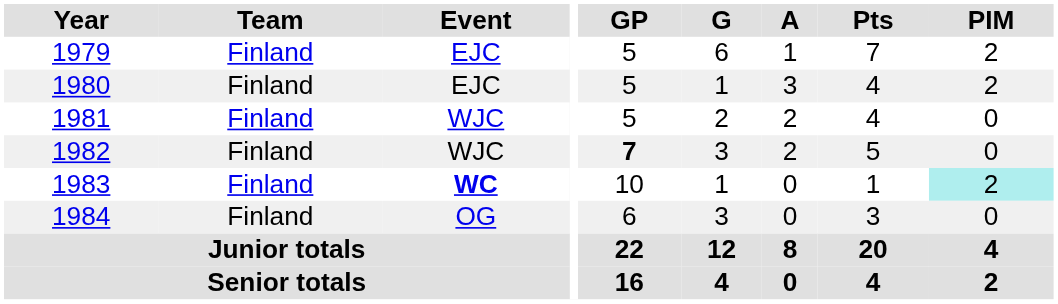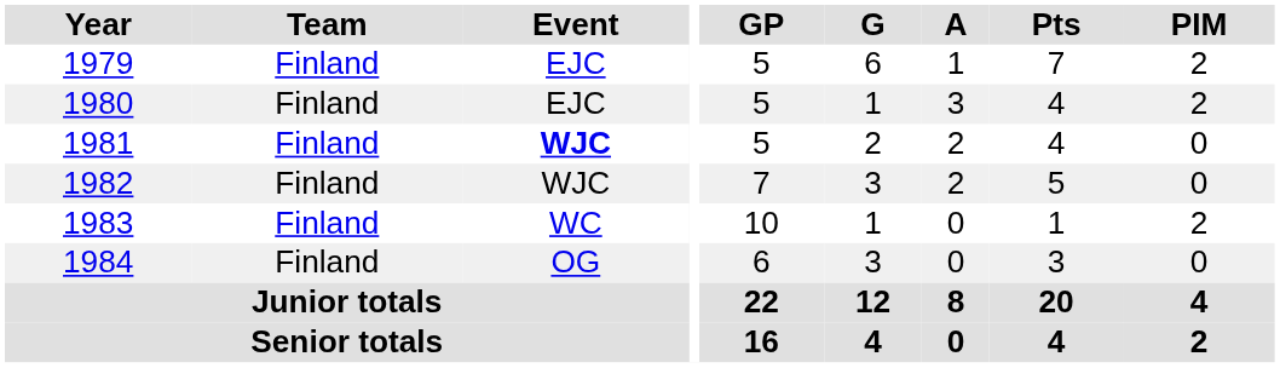 <table border="0" cellpadding="1" cellspacing="0" ID="Table3" style="text-align:center; width:40em">
 <tr bgcolor="#e0e0e0">
 <th>Year</th>
 <th>Team</th>
 <th>Event</th>
 <th rowspan="102" bgcolor="#ffffff"></th>
 <th>GP</th>
 <th>G</th>
 <th>A</th>
 <th>Pts</th>
 <th>PIM</th>
 </tr>
 <tr>
 <td><a href='#'>1979</a></td>
 <td><a href='#'>Finland</a></td>
 <td><a href='#'>EJC</a></td>
 <td>5</td>
 <td>6</td>
 <td>1</td>
 <td>7</td>
 <td>2</td>
 </tr>
 <tr bgcolor="#f0f0f0">
 <td><a href='#'>1980</a></td>
 <td>Finland</td>
 <td>EJC</td>
 <td>5</td>
 <td>1</td>
 <td>3</td>
 <td>4</td>
 <td>2</td>
 </tr>
 <tr>
 <td><a href='#'>1981</a></td>
 <td><a href='#'>Finland</a></td>
-<td><a href='#'>WJC</a></td>
+<td><strong><a href='#'>WJC</a></strong></td>
 <td>5</td>
 <td>2</td>
 <td>2</td>
 <td>4</td>
 <td>0</td>
 </tr>
 <tr bgcolor="#f0f0f0">
 <td><a href='#'>1982</a></td>
 <td>Finland</td>
 <td>WJC</td>
-<td><strong>7</strong></td>
+<td>7</td>
 <td>3</td>
 <td>2</td>
 <td>5</td>
 <td>0</td>
 </tr>
 <tr>
 <td><a href='#'>1983</a></td>
 <td><a href='#'>Finland</a></td>
-<td><strong><a href='#'>WC</a></strong></td>
+<td><a href='#'>WC</a></td>
 <td>10</td>
 <td>1</td>
 <td>0</td>
 <td>1</td>
-<td style="background: paleturquoise;">2</td>
+<td>2</td>
 </tr>
 <tr bgcolor="#f0f0f0">
 <td><a href='#'>1984</a></td>
 <td>Finland</td>
 <td><a href='#'>OG</a></td>
 <td>6</td>
 <td>3</td>
 <td>0</td>
 <td>3</td>
 <td>0</td>
 </tr>
 <tr bgcolor="#e0e0e0">
 <th colspan="3">Junior totals</th>
 <th>22</th>
 <th>12</th>
 <th>8</th>
 <th>20</th>
 <th>4</th>
 </tr>
 <tr bgcolor="#e0e0e0">
 <th colspan="3">Senior totals</th>
 <th>16</th>
 <th>4</th>
 <th>0</th>
 <th>4</th>
 <th>2</th>
 </tr>
 </table>
